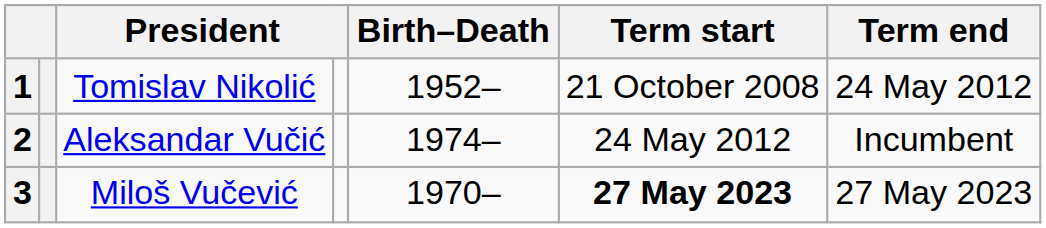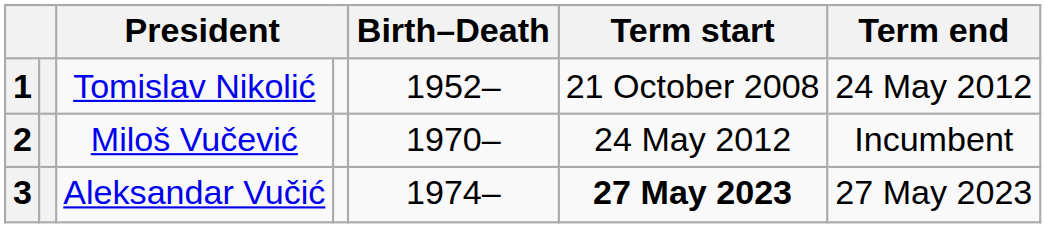 <table class="wikitable" style="text-align:center">
 <tr>
 <th colspan="2"></th>
 <th colspan="2">President</th>
 <th>Birth–Death</th>
 <th>Term start</th>
 <th>Term end</th>
 </tr>
 <tr>
 <th>1</th>
 <th style="background:"></th>
 <td><a href='#'>Tomislav Nikolić</a></td>
 <td></td>
 <td>1952–</td>
 <td>21 October 2008</td>
 <td>24 May 2012</td>
 </tr>
 <tr>
 <th>2</th>
 <th style="background:"></th>
-<td><a href='#'>Aleksandar Vučić</a></td>
+<td><a href='#'>Miloš Vučević</a></td>
 <td></td>
-<td>1974–</td>
+<td>1970–</td>
 <td>24 May 2012</td>
 <td>Incumbent</td>
 </tr>
 <tr>
 <th>3</th>
 <th style="background:"></th>
-<td><a href='#'>Miloš Vučević</a></td>
+<td><a href='#'>Aleksandar Vučić</a></td>
 <td></td>
-<td>1970–</td>
+<td>1974–</td>
 <td><strong>27 May 2023</strong></td>
 <td>27 May 2023</td>
 </tr>
 </table>
